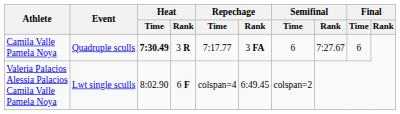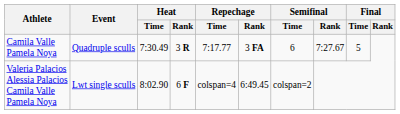 <table class="wikitable" style="font-size:90%;text-align:center">
 <tr>
 <th rowspan=2>Athlete</th>
 <th rowspan=2>Event</th>
 <th colspan=2>Heat</th>
 <th colspan=2>Repechage</th>
 <th colspan=2>Semifinal</th>
 <th colspan=2>Final</th>
 </tr>
 <tr style=font-size:95%>
 <th>Time</th>
 <th>Rank</th>
 <th>Time</th>
 <th>Rank</th>
 <th>Time</th>
 <th>Rank</th>
 <th>Time</th>
 <th>Rank</th>
 </tr>
 <tr>
 <td style="text-align:left"><a href='#'>Camila Valle</a><br><a href='#'>Pamela Noya</a></td>
 <td style="text-align:left"><a href='#'>Quadruple  sculls</a></td>
-<td><strong>7:30.49</strong></td>
+<td>7:30.49</td>
 <td>3 <strong>R</strong></td>
 <td>7:17.77</td>
 <td>3 <strong>FA</strong></td>
 <td>6</td>
 <td>7:27.67</td>
-<td>6</td>
+<td>5</td>
 </tr>
 <tr align=center>
 <td style="text-align:left"><a href='#'>Valeria Palacios</a><br><a href='#'>Alessia Palacios</a><br><a href='#'>Camila Valle</a><br><a href='#'>Pamela Noya</a></td>
 <td style="text-align:left"><a href='#'>Lwt single sculls</a></td>
 <td>8:02.90</td>
 <td>6 <strong>F</strong></td>
 <td>colspan=4 </td>
 <td>6:49.45</td>
 <td>colspan=2 </td>
 </tr>
 </table>
